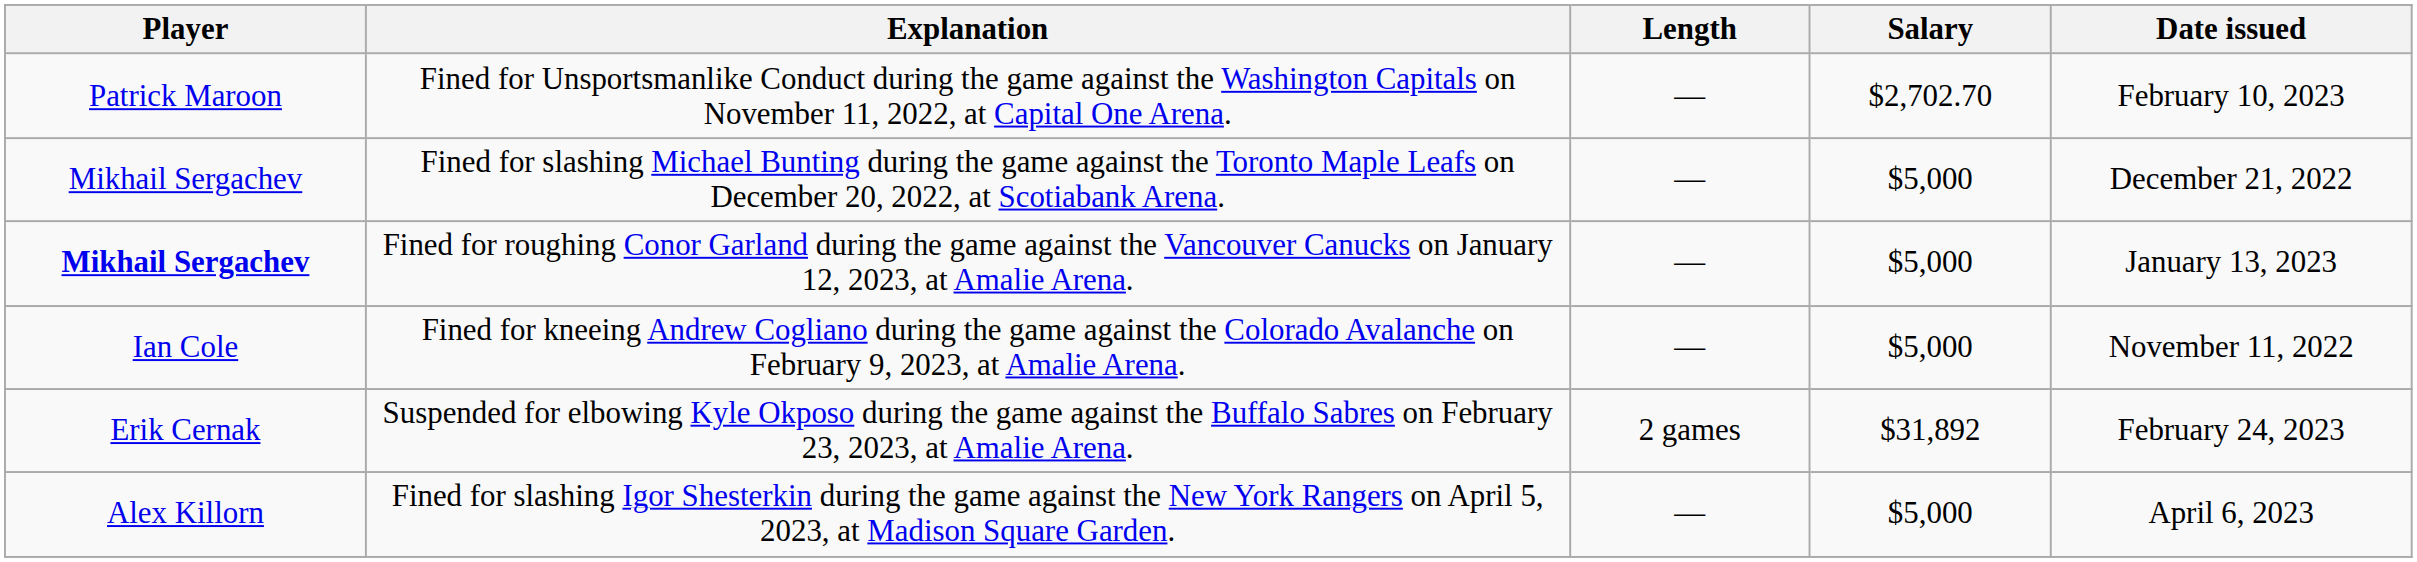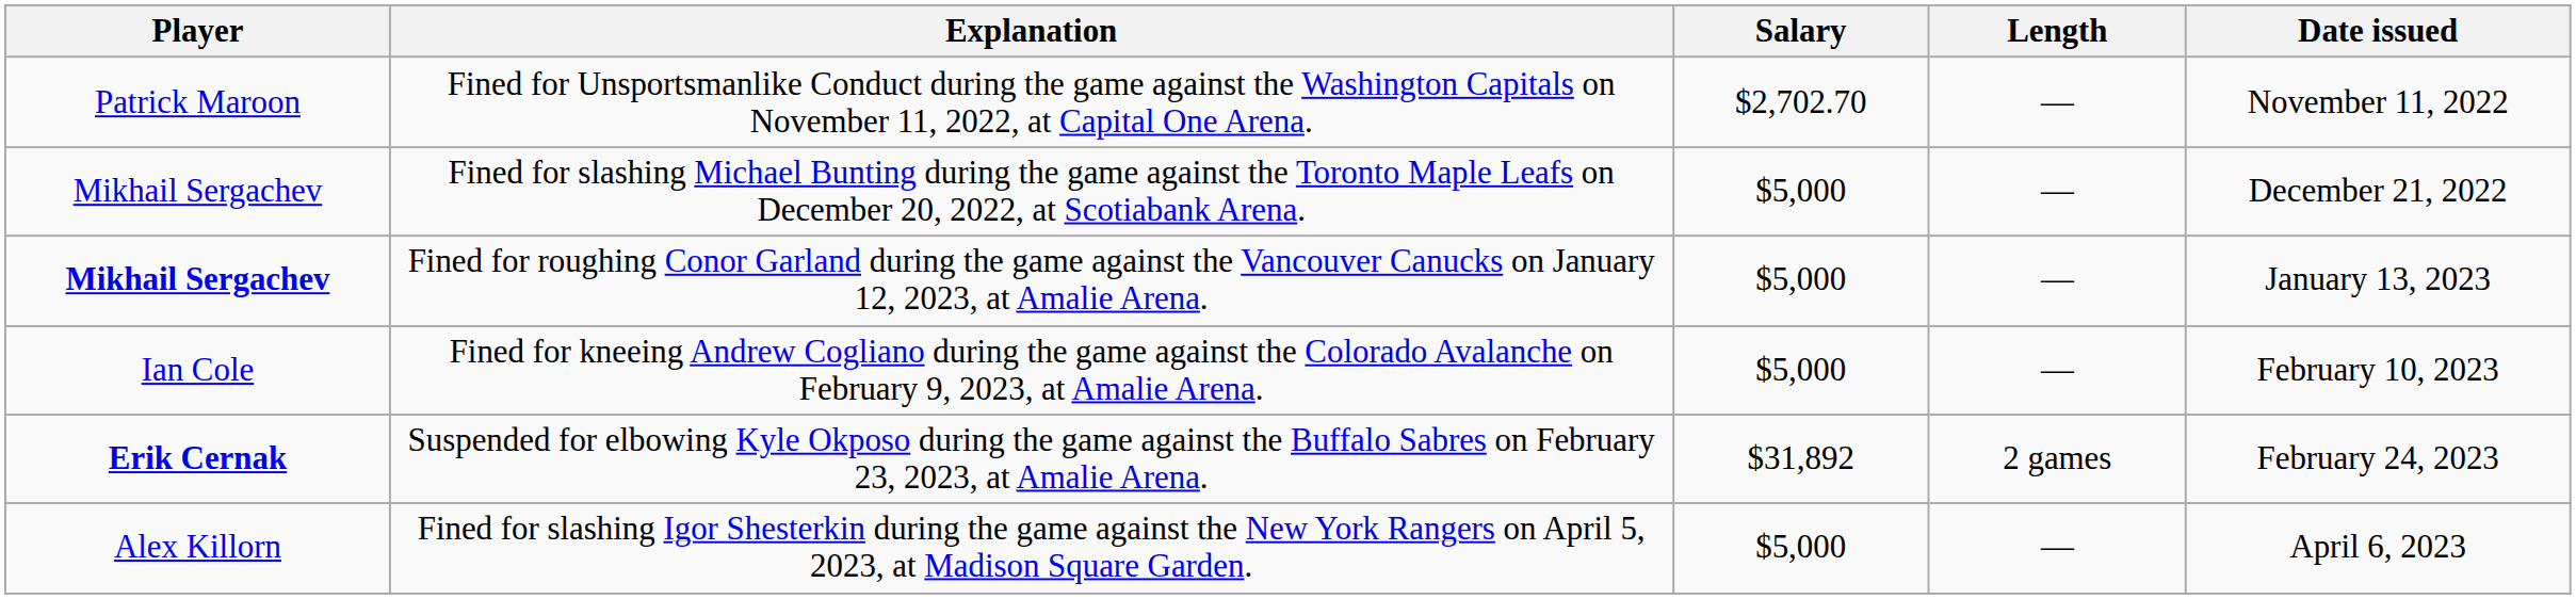 <table class="wikitable" style="text-align:center;">
 <tr>
 <th style="width:15%;">Player</th>
 <th style="width:50%;">Explanation</th>
+<th style="width:10%;">Salary</th>
 <th style="width:10%;">Length</th>
-<th style="width:10%;">Salary</th>
 <th style="width:15%;">Date issued</th>
 </tr>
 <tr>
 <td><a href='#'>Patrick Maroon</a></td>
 <td>Fined for Unsportsmanlike Conduct during the game against the <a href='#'>Washington Capitals</a> on November 11, 2022, at <a href='#'>Capital One Arena</a>.</td>
+<td>$2,702.70</td>
 <td>—</td>
-<td>$2,702.70</td>
-<td>February 10, 2023</td>
+<td>November 11, 2022</td>
 </tr>
 <tr>
 <td><a href='#'>Mikhail Sergachev</a></td>
 <td>Fined for slashing <a href='#'>Michael Bunting</a> during the game against the <a href='#'>Toronto Maple Leafs</a> on December 20, 2022, at <a href='#'>Scotiabank Arena</a>.</td>
+<td>$5,000</td>
 <td>—</td>
-<td>$5,000</td>
 <td>December 21, 2022</td>
 </tr>
 <tr>
 <td><strong><a href='#'>Mikhail Sergachev</a></strong></td>
 <td>Fined for roughing <a href='#'>Conor Garland</a> during the game against the <a href='#'>Vancouver Canucks</a> on January 12, 2023, at <a href='#'>Amalie Arena</a>.</td>
+<td>$5,000</td>
 <td>—</td>
-<td>$5,000</td>
 <td>January 13, 2023</td>
 </tr>
 <tr>
 <td><a href='#'>Ian Cole</a></td>
 <td>Fined for kneeing <a href='#'>Andrew Cogliano</a> during the game against the <a href='#'>Colorado Avalanche</a> on February 9, 2023, at <a href='#'>Amalie Arena</a>.</td>
+<td>$5,000</td>
 <td>—</td>
-<td>$5,000</td>
-<td>November 11, 2022</td>
+<td>February 10, 2023</td>
 </tr>
 <tr>
-<td><a href='#'>Erik Cernak</a></td>
+<td><strong><a href='#'>Erik Cernak</a></strong></td>
 <td>Suspended for elbowing <a href='#'>Kyle Okposo</a> during the game against the <a href='#'>Buffalo Sabres</a> on February 23, 2023, at <a href='#'>Amalie Arena</a>.</td>
+<td>$31,892</td>
 <td>2 games</td>
-<td>$31,892</td>
 <td>February 24, 2023</td>
 </tr>
 <tr>
 <td><a href='#'>Alex Killorn</a></td>
 <td>Fined for slashing <a href='#'>Igor Shesterkin</a> during the game against the <a href='#'>New York Rangers</a> on April 5, 2023, at <a href='#'>Madison Square Garden</a>.</td>
+<td>$5,000</td>
 <td>—</td>
-<td>$5,000</td>
 <td>April 6, 2023</td>
 </tr>
 </table>
